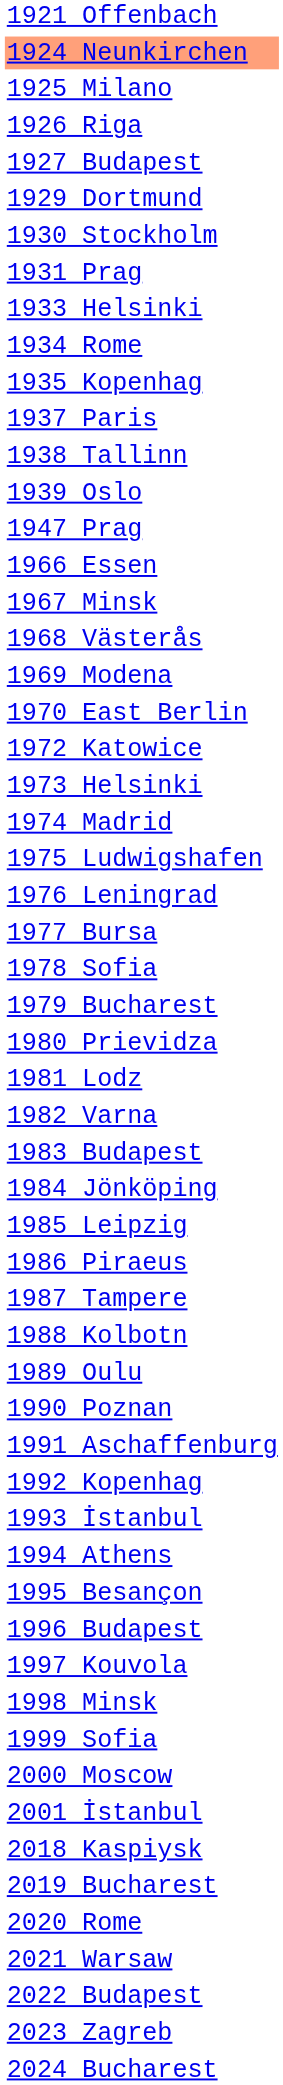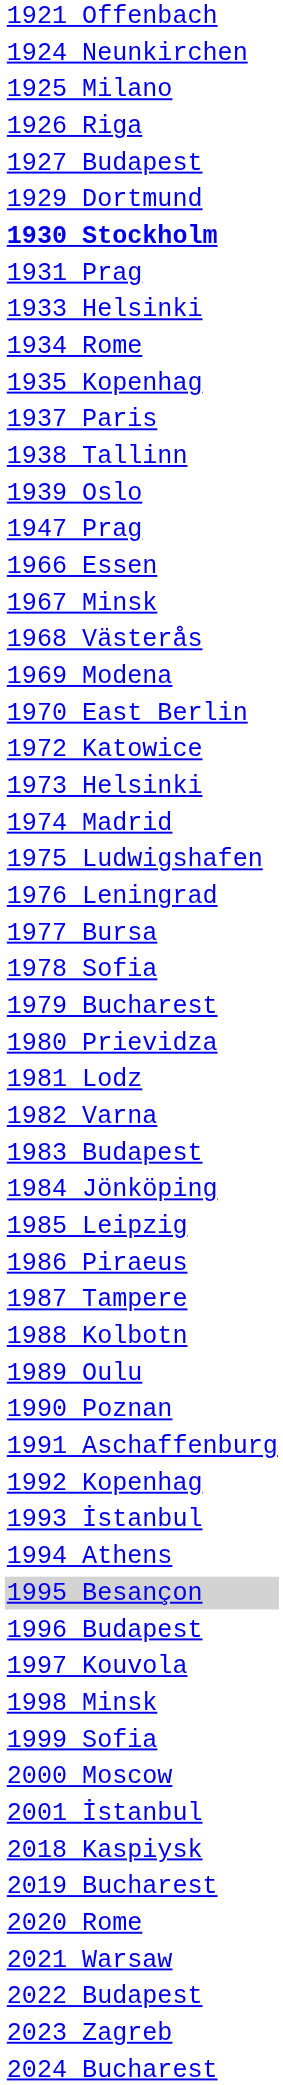 <table>
 <tr>
 <td><a href='#'>1921 Offenbach</a></td>
 <td></td>
 <td></td>
 <td></td>
 </tr>
 <tr>
-<td style="background: lightsalmon;"><a href='#'>1924 Neunkirchen</a></td>
+<td><a href='#'>1924 Neunkirchen</a></td>
 <td></td>
 <td></td>
 <td></td>
 </tr>
 <tr>
 <td><a href='#'>1925 Milano</a></td>
 <td></td>
 <td></td>
 <td></td>
 </tr>
 <tr>
 <td><a href='#'>1926 Riga</a></td>
 <td></td>
 <td></td>
 <td></td>
 </tr>
 <tr>
 <td><a href='#'>1927 Budapest</a></td>
 <td></td>
 <td></td>
 <td></td>
 </tr>
 <tr>
 <td><a href='#'>1929 Dortmund</a></td>
 <td></td>
 <td></td>
 <td></td>
 </tr>
 <tr>
-<td><a href='#'>1930 Stockholm</a></td>
+<td><strong><a href='#'>1930 Stockholm</a></strong></td>
 <td></td>
 <td></td>
 <td></td>
 </tr>
 <tr>
 <td><a href='#'>1931 Prag</a></td>
 <td></td>
 <td></td>
 <td></td>
 </tr>
 <tr>
 <td><a href='#'>1933 Helsinki</a></td>
 <td></td>
 <td></td>
 <td></td>
 </tr>
 <tr>
 <td><a href='#'>1934 Rome</a></td>
 <td></td>
 <td></td>
 <td></td>
 </tr>
 <tr>
 <td><a href='#'>1935 Kopenhag</a></td>
 <td></td>
 <td></td>
 <td></td>
 </tr>
 <tr>
 <td><a href='#'>1937 Paris</a></td>
 <td></td>
 <td></td>
 <td></td>
 </tr>
 <tr>
 <td><a href='#'>1938 Tallinn</a></td>
 <td></td>
 <td></td>
 <td></td>
 </tr>
 <tr>
 <td><a href='#'>1939 Oslo</a></td>
 <td></td>
 <td></td>
 <td></td>
 </tr>
 <tr>
 <td><a href='#'>1947 Prag</a></td>
 <td></td>
 <td></td>
 <td></td>
 </tr>
 <tr>
 <td><a href='#'>1966 Essen</a></td>
 <td></td>
 <td></td>
 <td></td>
 </tr>
 <tr>
 <td><a href='#'>1967 Minsk</a></td>
 <td></td>
 <td></td>
 <td></td>
 </tr>
 <tr>
 <td><a href='#'>1968 Västerås</a></td>
 <td></td>
 <td></td>
 <td></td>
 </tr>
 <tr>
 <td><a href='#'>1969 Modena</a></td>
 <td></td>
 <td></td>
 <td></td>
 </tr>
 <tr>
 <td><a href='#'>1970 East Berlin</a></td>
 <td></td>
 <td></td>
 <td></td>
 </tr>
 <tr>
 <td><a href='#'>1972 Katowice</a></td>
 <td></td>
 <td></td>
 <td></td>
 </tr>
 <tr>
 <td><a href='#'>1973 Helsinki</a></td>
 <td></td>
 <td></td>
 <td></td>
 </tr>
 <tr>
 <td><a href='#'>1974 Madrid</a></td>
 <td></td>
 <td></td>
 <td></td>
 </tr>
 <tr>
 <td><a href='#'>1975 Ludwigshafen</a></td>
 <td></td>
 <td></td>
 <td></td>
 </tr>
 <tr>
 <td><a href='#'>1976 Leningrad</a></td>
 <td></td>
 <td></td>
 <td></td>
 </tr>
 <tr>
 <td><a href='#'>1977 Bursa</a></td>
 <td></td>
 <td></td>
 <td></td>
 </tr>
 <tr>
 <td><a href='#'>1978 Sofia</a></td>
 <td></td>
 <td></td>
 <td></td>
 </tr>
 <tr>
 <td><a href='#'>1979 Bucharest</a></td>
 <td></td>
 <td></td>
 <td></td>
 </tr>
 <tr>
 <td><a href='#'>1980 Prievidza</a></td>
 <td></td>
 <td></td>
 <td></td>
 </tr>
 <tr>
 <td><a href='#'>1981 Lodz</a></td>
 <td></td>
 <td></td>
 <td></td>
 </tr>
 <tr>
 <td><a href='#'>1982 Varna</a></td>
 <td></td>
 <td></td>
 <td></td>
 </tr>
 <tr>
 <td><a href='#'>1983 Budapest</a></td>
 <td></td>
 <td></td>
 <td></td>
 </tr>
 <tr>
 <td><a href='#'>1984 Jönköping</a></td>
 <td></td>
 <td></td>
 <td></td>
 </tr>
 <tr>
 <td><a href='#'>1985 Leipzig</a></td>
 <td></td>
 <td></td>
 <td></td>
 </tr>
 <tr>
 <td><a href='#'>1986 Piraeus</a></td>
 <td></td>
 <td></td>
 <td></td>
 </tr>
 <tr>
 <td><a href='#'>1987 Tampere</a></td>
 <td></td>
 <td></td>
 <td></td>
 </tr>
 <tr>
 <td><a href='#'>1988 Kolbotn</a></td>
 <td></td>
 <td></td>
 <td></td>
 </tr>
 <tr>
 <td><a href='#'>1989 Oulu</a></td>
 <td></td>
 <td></td>
 <td></td>
 </tr>
 <tr>
 <td><a href='#'>1990 Poznan</a></td>
 <td></td>
 <td></td>
 <td></td>
 </tr>
 <tr>
 <td><a href='#'>1991 Aschaffenburg</a></td>
 <td></td>
 <td></td>
 <td></td>
 </tr>
 <tr>
 <td><a href='#'>1992 Kopenhag</a></td>
 <td></td>
 <td></td>
 <td></td>
 </tr>
 <tr>
 <td><a href='#'>1993 İstanbul</a></td>
 <td></td>
 <td></td>
 <td></td>
 </tr>
 <tr>
 <td><a href='#'>1994 Athens</a></td>
 <td></td>
 <td></td>
 <td></td>
 </tr>
 <tr>
-<td><a href='#'>1995 Besançon</a></td>
+<td style="background: lightgrey;"><a href='#'>1995 Besançon</a></td>
 <td></td>
 <td></td>
 <td></td>
 </tr>
 <tr>
 <td><a href='#'>1996 Budapest</a></td>
 <td></td>
 <td></td>
 <td></td>
 </tr>
 <tr>
 <td><a href='#'>1997 Kouvola</a></td>
 <td></td>
 <td></td>
 <td></td>
 </tr>
 <tr>
 <td><a href='#'>1998 Minsk</a></td>
 <td></td>
 <td></td>
 <td></td>
 </tr>
 <tr>
 <td><a href='#'>1999 Sofia</a></td>
 <td></td>
 <td></td>
 <td></td>
 </tr>
 <tr>
 <td><a href='#'>2000 Moscow</a></td>
 <td></td>
 <td></td>
 <td></td>
 </tr>
 <tr>
 <td><a href='#'>2001 İstanbul</a></td>
 <td></td>
 <td></td>
 <td></td>
 </tr>
 <tr>
 <td rowspan=2><a href='#'>2018 Kaspiysk</a></td>
 <td rowspan=2></td>
 <td rowspan=2></td>
 <td></td>
 </tr>
 <tr>
 <td></td>
 </tr>
 <tr>
 <td rowspan=2><a href='#'>2019 Bucharest</a></td>
 <td rowspan=2></td>
 <td rowspan=2></td>
 <td></td>
 </tr>
 <tr>
 <td></td>
 </tr>
 <tr>
 <td rowspan=2><a href='#'>2020 Rome</a></td>
 <td rowspan=2></td>
 <td rowspan=2></td>
 <td></td>
 </tr>
 <tr>
 <td></td>
 </tr>
 <tr>
 <td rowspan=2><a href='#'>2021 Warsaw</a></td>
 <td rowspan=2></td>
 <td rowspan=2></td>
 <td></td>
 </tr>
 <tr>
 <td></td>
 </tr>
 <tr>
 <td rowspan=2><a href='#'>2022 Budapest</a></td>
 <td rowspan=2></td>
 <td rowspan=2></td>
 <td></td>
 </tr>
 <tr>
 <td></td>
 </tr>
 <tr>
 <td rowspan=2><a href='#'>2023 Zagreb</a></td>
 <td rowspan=2></td>
 <td rowspan=2></td>
 <td></td>
 </tr>
 <tr>
 <td></td>
 </tr>
 <tr>
 <td rowspan=2><a href='#'>2024 Bucharest</a></td>
 <td rowspan=2></td>
 <td rowspan=2></td>
 <td></td>
 </tr>
 <tr>
 <td></td>
 </tr>
 </table>
